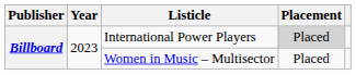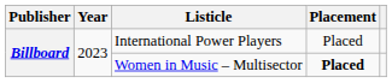 <table class="wikitable plainrowheaders sortable" style="text-align:center">
 <tr>
 <th scope="col">Publisher</th>
 <th scope="col">Year</th>
 <th scope="col">Listicle</th>
 <th scope="col">Placement</th>
 <th scope="col" class="unsortable"></th>
 </tr>
 <tr>
 <th scope="row" rowspan="2"><em><a href='#'>Billboard</a></em></th>
 <td rowspan="2">2023</td>
 <td style="text-align:left">International Power Players</td>
-<td style="background: lightgrey;">Placed</td>
+<td>Placed</td>
 <td></td>
 </tr>
 <tr>
 <td style="text-align:left"><a href='#'>Women in Music</a> – Multisector</td>
-<td>Placed</td>
+<td><strong>Placed</strong></td>
 <td></td>
 </tr>
 </table>
